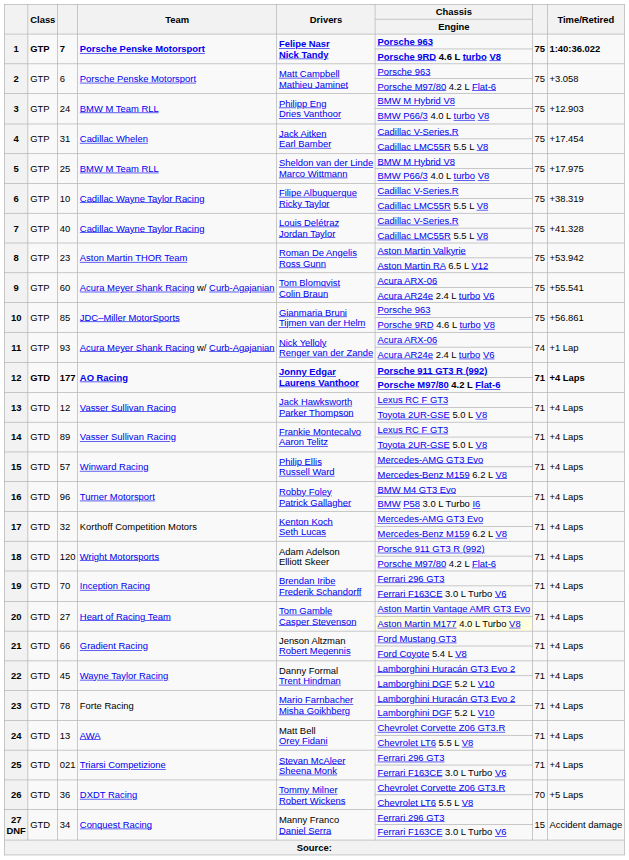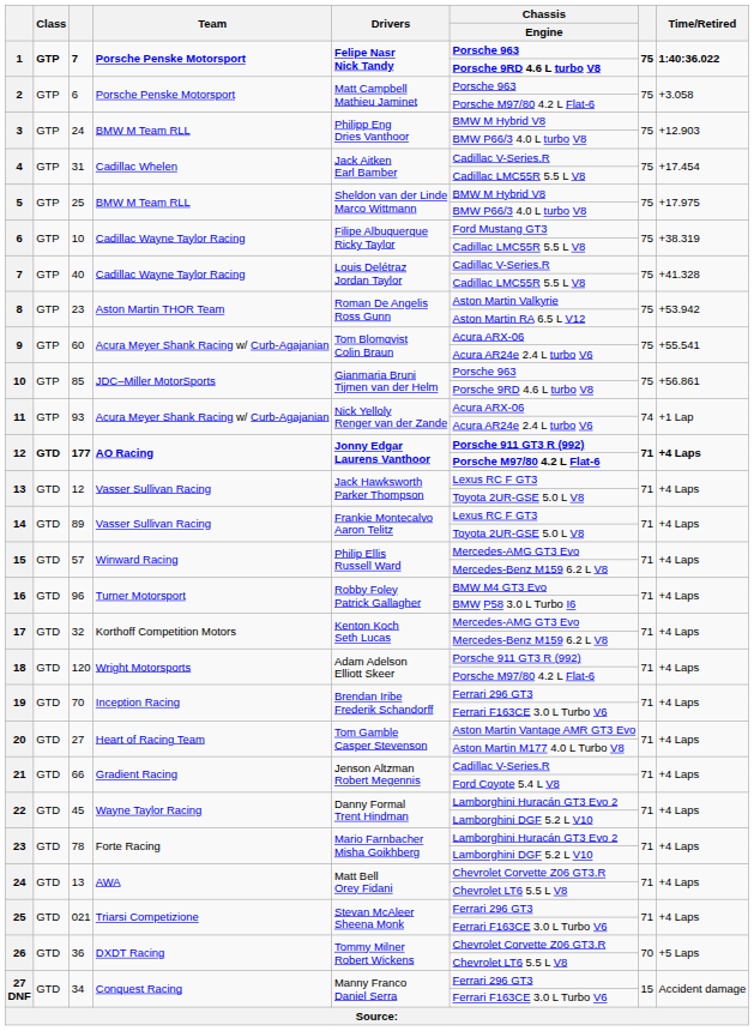 <table class="wikitable" style="font-size:95%;">
 <tr>
 <th rowspan=2></th>
 <th rowspan=2>Class</th>
 <th rowspan=2></th>
 <th rowspan=2>Team</th>
 <th rowspan=2>Drivers</th>
 <th>Chassis</th>
 <th rowspan=2></th>
 <th rowspan=2>Time/Retired</th>
 </tr>
 <tr>
 <th>Engine</th>
 </tr>
 <tr style="font-weight:bold;">
 <th rowspan=2>1</th>
 <td rowspan=2>GTP</td>
 <td rowspan=2>7</td>
 <td rowspan=2> <a href='#'>Porsche Penske Motorsport</a></td>
 <td rowspan=2> <a href='#'>Felipe Nasr</a><br> <a href='#'>Nick Tandy</a></td>
 <td><a href='#'>Porsche 963</a></td>
 <td rowspan=2>75</td>
 <td rowspan=2>1:40:36.022</td>
 </tr>
 <tr style="font-weight:bold;">
 <td><a href='#'>Porsche 9RD</a> 4.6 L <a href='#'>turbo</a> <a href='#'>V8</a></td>
 </tr>
 <tr>
 <th rowspan=2>2</th>
 <td rowspan=2>GTP</td>
 <td rowspan=2>6</td>
 <td rowspan=2> <a href='#'>Porsche Penske Motorsport</a></td>
 <td rowspan=2> <a href='#'>Matt Campbell</a><br> <a href='#'>Mathieu Jaminet</a></td>
 <td><a href='#'>Porsche 963</a></td>
 <td rowspan=2>75</td>
 <td rowspan=2>+3.058</td>
 </tr>
 <tr>
 <td><a href='#'>Porsche M97/80</a> 4.2 L <a href='#'>Flat-6</a></td>
 </tr>
 <tr>
 <th rowspan=2>3</th>
 <td rowspan=2>GTP</td>
 <td rowspan=2>24</td>
 <td rowspan=2> <a href='#'>BMW M Team RLL</a></td>
 <td rowspan=2> <a href='#'>Philipp Eng</a><br> <a href='#'>Dries Vanthoor</a></td>
 <td><a href='#'>BMW M Hybrid V8</a></td>
 <td rowspan=2>75</td>
 <td rowspan=2>+12.903</td>
 </tr>
 <tr>
 <td><a href='#'>BMW P66/3</a> 4.0 L <a href='#'>turbo</a> <a href='#'>V8</a></td>
 </tr>
 <tr>
 <th rowspan=2>4</th>
 <td rowspan=2>GTP</td>
 <td rowspan=2>31</td>
 <td rowspan=2> <a href='#'>Cadillac Whelen</a></td>
 <td rowspan=2> <a href='#'>Jack Aitken</a><br> <a href='#'>Earl Bamber</a></td>
 <td><a href='#'>Cadillac V-Series.R</a></td>
 <td rowspan=2>75</td>
 <td rowspan=2>+17.454</td>
 </tr>
 <tr>
 <td><a href='#'>Cadillac LMC55R</a> 5.5 L <a href='#'>V8</a></td>
 </tr>
 <tr>
 <th rowspan=2>5</th>
 <td rowspan=2>GTP</td>
 <td rowspan=2>25</td>
 <td rowspan=2> <a href='#'>BMW M Team RLL</a></td>
 <td rowspan=2> <a href='#'>Sheldon van der Linde</a><br> <a href='#'>Marco Wittmann</a></td>
 <td><a href='#'>BMW M Hybrid V8</a></td>
 <td rowspan=2>75</td>
 <td rowspan=2>+17.975</td>
 </tr>
 <tr>
 <td><a href='#'>BMW P66/3</a> 4.0 L <a href='#'>turbo</a> <a href='#'>V8</a></td>
 </tr>
 <tr>
 <th rowspan=2>6</th>
 <td rowspan=2>GTP</td>
 <td rowspan=2>10</td>
 <td rowspan=2> <a href='#'>Cadillac Wayne Taylor Racing</a></td>
 <td rowspan=2> <a href='#'>Filipe Albuquerque</a><br> <a href='#'>Ricky Taylor</a></td>
-<td><a href='#'>Cadillac V-Series.R</a></td>
+<td><a href='#'>Ford Mustang GT3</a></td>
 <td rowspan=2>75</td>
 <td rowspan=2>+38.319</td>
 </tr>
 <tr>
 <td><a href='#'>Cadillac LMC55R</a> 5.5 L <a href='#'>V8</a></td>
 </tr>
 <tr>
 <th rowspan=2>7</th>
 <td rowspan=2>GTP</td>
 <td rowspan=2>40</td>
 <td rowspan=2> <a href='#'>Cadillac Wayne Taylor Racing</a></td>
 <td rowspan=2> <a href='#'>Louis Delétraz</a><br> <a href='#'>Jordan Taylor</a></td>
 <td><a href='#'>Cadillac V-Series.R</a></td>
 <td rowspan=2>75</td>
 <td rowspan=2>+41.328</td>
 </tr>
 <tr>
 <td><a href='#'>Cadillac LMC55R</a> 5.5 L <a href='#'>V8</a></td>
 </tr>
 <tr>
 <th rowspan=2>8</th>
 <td rowspan=2>GTP</td>
 <td rowspan=2>23</td>
 <td rowspan=2> <a href='#'>Aston Martin THOR Team</a></td>
 <td rowspan=2> <a href='#'>Roman De Angelis</a><br> <a href='#'>Ross Gunn</a></td>
 <td><a href='#'>Aston Martin Valkyrie</a></td>
 <td rowspan=2>75</td>
 <td rowspan=2>+53.942</td>
 </tr>
 <tr>
 <td><a href='#'>Aston Martin RA</a> 6.5 L <a href='#'>V12</a></td>
 </tr>
 <tr>
 <th rowspan=2>9</th>
 <td rowspan=2>GTP</td>
 <td rowspan=2>60</td>
 <td rowspan=2> <a href='#'>Acura Meyer Shank Racing</a> w/ <a href='#'>Curb-Agajanian</a></td>
 <td rowspan=2> <a href='#'>Tom Blomqvist</a><br> <a href='#'>Colin Braun</a></td>
 <td><a href='#'>Acura ARX-06</a></td>
 <td rowspan=2>75</td>
 <td rowspan=2>+55.541</td>
 </tr>
 <tr>
 <td><a href='#'>Acura AR24e</a> 2.4 L <a href='#'>turbo</a> <a href='#'>V6</a></td>
 </tr>
 <tr>
 <th rowspan=2>10</th>
 <td rowspan=2>GTP</td>
 <td rowspan=2>85</td>
 <td rowspan=2> <a href='#'>JDC–Miller MotorSports</a></td>
 <td rowspan=2> <a href='#'>Gianmaria Bruni</a><br> <a href='#'>Tijmen van der Helm</a></td>
 <td><a href='#'>Porsche 963</a></td>
 <td rowspan=2>75</td>
 <td rowspan=2>+56.861</td>
 </tr>
 <tr>
 <td><a href='#'>Porsche 9RD</a> 4.6 L <a href='#'>turbo</a> <a href='#'>V8</a></td>
 </tr>
 <tr>
 <th rowspan=2>11</th>
 <td rowspan=2>GTP</td>
 <td rowspan=2>93</td>
 <td rowspan=2> <a href='#'>Acura Meyer Shank Racing</a> w/ <a href='#'>Curb-Agajanian</a></td>
 <td rowspan=2> <a href='#'>Nick Yelloly</a><br> <a href='#'>Renger van der Zande</a></td>
 <td><a href='#'>Acura ARX-06</a></td>
 <td rowspan=2>74</td>
 <td rowspan=2>+1 Lap</td>
 </tr>
 <tr>
 <td><a href='#'>Acura AR24e</a> 2.4 L <a href='#'>turbo</a> <a href='#'>V6</a></td>
 </tr>
 <tr style="font-weight:bold;">
 <th rowspan=2>12</th>
 <td rowspan=2>GTD</td>
 <td rowspan=2>177</td>
 <td rowspan=2> <a href='#'>AO Racing</a></td>
 <td rowspan=2> <a href='#'>Jonny Edgar</a><br> <a href='#'>Laurens Vanthoor</a></td>
 <td><a href='#'>Porsche 911 GT3 R (992)</a></td>
 <td rowspan=2>71</td>
 <td rowspan=2>+4 Laps</td>
 </tr>
 <tr style="font-weight:bold;">
 <td><a href='#'>Porsche M97/80</a> 4.2 L <a href='#'>Flat-6</a></td>
 </tr>
 <tr>
 <th rowspan=2>13</th>
 <td rowspan=2>GTD</td>
 <td rowspan=2>12</td>
 <td rowspan=2> <a href='#'>Vasser Sullivan Racing</a></td>
 <td rowspan=2> <a href='#'>Jack Hawksworth</a><br> <a href='#'>Parker Thompson</a></td>
 <td><a href='#'>Lexus RC F GT3</a></td>
 <td rowspan=2>71</td>
 <td rowspan=2>+4 Laps</td>
 </tr>
 <tr>
 <td><a href='#'>Toyota 2UR-GSE</a> 5.0 L <a href='#'>V8</a></td>
 </tr>
 <tr>
 <th rowspan=2>14</th>
 <td rowspan=2>GTD</td>
 <td rowspan=2>89</td>
 <td rowspan=2> <a href='#'>Vasser Sullivan Racing</a></td>
 <td rowspan=2> <a href='#'>Frankie Montecalvo</a><br> <a href='#'>Aaron Telitz</a></td>
 <td><a href='#'>Lexus RC F GT3</a></td>
 <td rowspan=2>71</td>
 <td rowspan=2>+4 Laps</td>
 </tr>
 <tr>
 <td><a href='#'>Toyota 2UR-GSE</a> 5.0 L <a href='#'>V8</a></td>
 </tr>
 <tr>
 <th rowspan=2>15</th>
 <td rowspan=2>GTD</td>
 <td rowspan=2>57</td>
 <td rowspan=2> <a href='#'>Winward Racing</a></td>
 <td rowspan=2> <a href='#'>Philip Ellis</a><br> <a href='#'>Russell Ward</a></td>
 <td><a href='#'>Mercedes-AMG GT3 Evo</a></td>
 <td rowspan=2>71</td>
 <td rowspan=2>+4 Laps</td>
 </tr>
 <tr>
 <td><a href='#'>Mercedes-Benz M159</a> 6.2 L <a href='#'>V8</a></td>
 </tr>
 <tr>
 <th rowspan=2>16</th>
 <td rowspan=2>GTD</td>
 <td rowspan=2>96</td>
 <td rowspan=2> <a href='#'>Turner Motorsport</a></td>
 <td rowspan=2> <a href='#'>Robby Foley</a><br> <a href='#'>Patrick Gallagher</a></td>
 <td><a href='#'>BMW M4 GT3 Evo</a></td>
 <td rowspan=2>71</td>
 <td rowspan=2>+4 Laps</td>
 </tr>
 <tr>
 <td><a href='#'>BMW</a> <a href='#'>P58</a> 3.0 L Turbo <a href='#'>I6</a></td>
 </tr>
 <tr>
 <th rowspan=2>17</th>
 <td rowspan=2>GTD</td>
 <td rowspan=2>32</td>
 <td rowspan=2> Korthoff Competition Motors</td>
 <td rowspan=2> <a href='#'>Kenton Koch</a><br> <a href='#'>Seth Lucas</a></td>
 <td><a href='#'>Mercedes-AMG GT3 Evo</a></td>
 <td rowspan=2>71</td>
 <td rowspan=2>+4 Laps</td>
 </tr>
 <tr>
 <td><a href='#'>Mercedes-Benz M159</a> 6.2 L <a href='#'>V8</a></td>
 </tr>
 <tr>
 <th rowspan=2>18</th>
 <td rowspan=2>GTD</td>
 <td rowspan=2>120</td>
 <td rowspan=2> <a href='#'>Wright Motorsports</a></td>
 <td rowspan=2> Adam Adelson<br> Elliott Skeer</td>
 <td><a href='#'>Porsche 911 GT3 R (992)</a></td>
 <td rowspan=2>71</td>
 <td rowspan=2>+4 Laps</td>
 </tr>
 <tr>
 <td><a href='#'>Porsche M97/80</a> 4.2 L <a href='#'>Flat-6</a></td>
 </tr>
 <tr>
 <th rowspan=2>19</th>
 <td rowspan=2>GTD</td>
 <td rowspan=2>70</td>
 <td rowspan=2> <a href='#'>Inception Racing</a></td>
 <td rowspan=2> <a href='#'>Brendan Iribe</a><br> <a href='#'>Frederik Schandorff</a></td>
 <td><a href='#'>Ferrari 296 GT3</a></td>
 <td rowspan=2>71</td>
 <td rowspan=2>+4 Laps</td>
 </tr>
 <tr>
 <td><a href='#'>Ferrari F163CE</a> 3.0 L Turbo <a href='#'>V6</a></td>
 </tr>
 <tr>
 <th rowspan=2>20</th>
 <td rowspan=2>GTD</td>
 <td rowspan=2>27</td>
 <td rowspan=2> <a href='#'>Heart of Racing Team</a></td>
 <td rowspan=2> <a href='#'>Tom Gamble</a><br> <a href='#'>Casper Stevenson</a></td>
 <td><a href='#'>Aston Martin Vantage AMR GT3 Evo</a></td>
 <td rowspan=2>71</td>
 <td rowspan=2>+4 Laps</td>
 </tr>
 <tr>
-<td style="background: lightyellow;"><a href='#'>Aston Martin M177</a> 4.0 L Turbo <a href='#'>V8</a></td>
+<td><a href='#'>Aston Martin M177</a> 4.0 L Turbo <a href='#'>V8</a></td>
 </tr>
 <tr>
 <th rowspan=2>21</th>
 <td rowspan=2>GTD</td>
 <td rowspan=2>66</td>
 <td rowspan=2> <a href='#'>Gradient Racing</a></td>
 <td rowspan=2> Jenson Altzman<br> <a href='#'>Robert Megennis</a></td>
-<td><a href='#'>Ford Mustang GT3</a></td>
+<td><a href='#'>Cadillac V-Series.R</a></td>
 <td rowspan=2>71</td>
 <td rowspan=2>+4 Laps</td>
 </tr>
 <tr>
 <td><a href='#'>Ford Coyote</a> 5.4 L <a href='#'>V8</a></td>
 </tr>
 <tr>
 <th rowspan=2>22</th>
 <td rowspan=2>GTD</td>
 <td rowspan=2>45</td>
 <td rowspan=2> <a href='#'>Wayne Taylor Racing</a></td>
 <td rowspan=2> Danny Formal<br> <a href='#'>Trent Hindman</a></td>
 <td><a href='#'>Lamborghini Huracán GT3 Evo 2</a></td>
 <td rowspan=2>71</td>
 <td rowspan=2>+4 Laps</td>
 </tr>
 <tr>
 <td><a href='#'>Lamborghini DGF</a> 5.2 L <a href='#'>V10</a></td>
 </tr>
 <tr>
 <th rowspan=2>23</th>
 <td rowspan=2>GTD</td>
 <td rowspan=2>78</td>
 <td rowspan=2> Forte Racing</td>
 <td rowspan=2> <a href='#'>Mario Farnbacher</a><br> <a href='#'>Misha Goikhberg</a></td>
 <td><a href='#'>Lamborghini Huracán GT3 Evo 2</a></td>
 <td rowspan=2>71</td>
 <td rowspan=2>+4 Laps</td>
 </tr>
 <tr>
 <td><a href='#'>Lamborghini DGF</a> 5.2 L <a href='#'>V10</a></td>
 </tr>
 <tr>
 <th rowspan=2>24</th>
 <td rowspan=2>GTD</td>
 <td rowspan=2>13</td>
 <td rowspan=2> <a href='#'>AWA</a></td>
 <td rowspan=2> Matt Bell<br> <a href='#'>Orey Fidani</a></td>
 <td><a href='#'>Chevrolet Corvette Z06 GT3.R</a></td>
 <td rowspan=2>71</td>
 <td rowspan=2>+4 Laps</td>
 </tr>
 <tr>
 <td><a href='#'>Chevrolet LT6</a> 5.5 L <a href='#'>V8</a></td>
 </tr>
 <tr>
 <th rowspan=2>25</th>
 <td rowspan=2>GTD</td>
 <td rowspan=2>021</td>
 <td rowspan=2> <a href='#'>Triarsi Competizione</a></td>
 <td rowspan=2> <a href='#'>Stevan McAleer</a><br> <a href='#'>Sheena Monk</a></td>
 <td><a href='#'>Ferrari 296 GT3</a></td>
 <td rowspan=2>71</td>
 <td rowspan=2>+4 Laps</td>
 </tr>
 <tr>
 <td><a href='#'>Ferrari F163CE</a> 3.0 L Turbo <a href='#'>V6</a></td>
 </tr>
 <tr>
 <th rowspan=2>26</th>
 <td rowspan=2>GTD</td>
 <td rowspan=2>36</td>
 <td rowspan=2> <a href='#'>DXDT Racing</a></td>
 <td rowspan=2> <a href='#'>Tommy Milner</a><br> <a href='#'>Robert Wickens</a></td>
 <td><a href='#'>Chevrolet Corvette Z06 GT3.R</a></td>
 <td rowspan=2>70</td>
 <td rowspan=2>+5 Laps</td>
 </tr>
 <tr>
 <td><a href='#'>Chevrolet LT6</a> 5.5 L <a href='#'>V8</a></td>
 </tr>
 <tr>
 <th rowspan=2>27<br>DNF</th>
 <td rowspan=2>GTD</td>
 <td rowspan=2>34</td>
 <td rowspan=2> <a href='#'>Conquest Racing</a></td>
 <td rowspan=2> Manny Franco<br> <a href='#'>Daniel Serra</a></td>
 <td><a href='#'>Ferrari 296 GT3</a></td>
 <td rowspan=2>15</td>
 <td rowspan=2>Accident damage</td>
 </tr>
 <tr>
 <td><a href='#'>Ferrari F163CE</a> 3.0 L Turbo <a href='#'>V6</a></td>
 </tr>
 <tr>
 <th colspan="8">Source:</th>
 </tr>
 </table>
